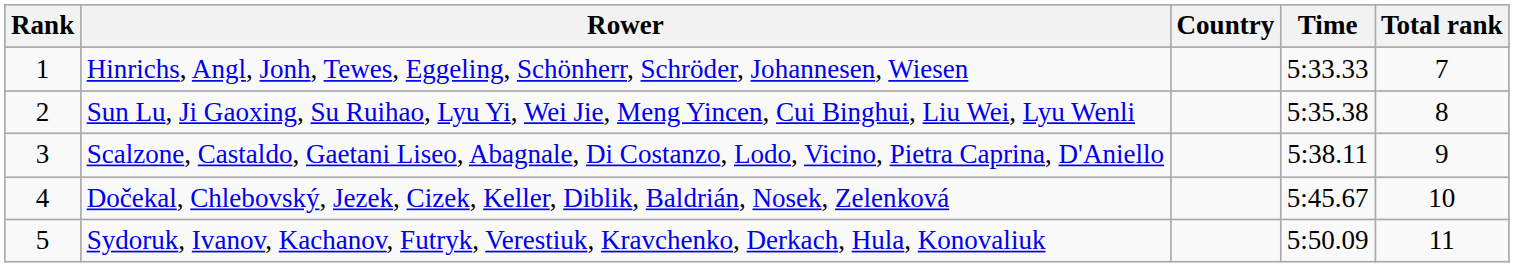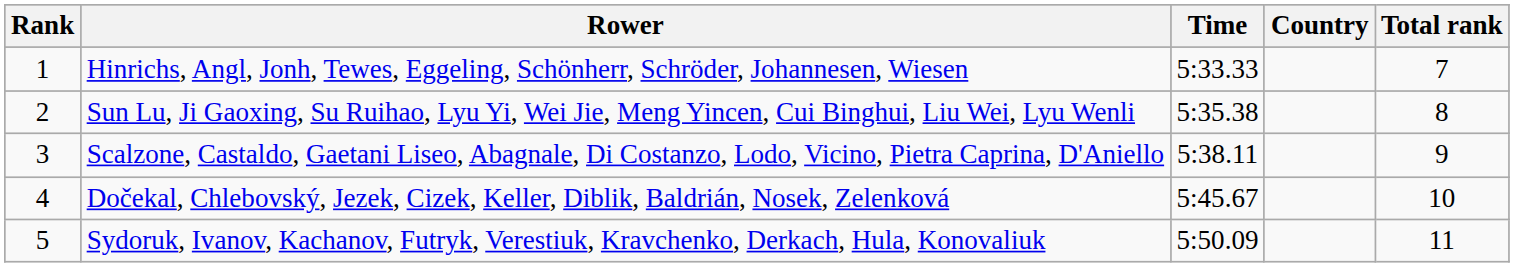 <table class="wikitable" style="text-align:center">
 <tr>
 <th>Rank</th>
 <th>Rower</th>
+<th>Time</th>
 <th>Country</th>
-<th>Time</th>
 <th>Total rank</th>
 </tr>
 <tr>
 <td>1</td>
 <td align="left"><a href='#'>Hinrichs</a>, <a href='#'>Angl</a>, <a href='#'>Jonh</a>, <a href='#'>Tewes</a>, <a href='#'>Eggeling</a>, <a href='#'>Schönherr</a>, <a href='#'>Schröder</a>, <a href='#'>Johannesen</a>, <a href='#'>Wiesen</a></td>
+<td>5:33.33</td>
 <td align="left"></td>
-<td>5:33.33</td>
 <td>7</td>
 </tr>
 <tr>
 <td>2</td>
 <td align="left"><a href='#'>Sun Lu</a>, <a href='#'>Ji Gaoxing</a>, <a href='#'>Su Ruihao</a>, <a href='#'>Lyu Yi</a>, <a href='#'>Wei Jie</a>, <a href='#'>Meng Yincen</a>, <a href='#'>Cui Binghui</a>, <a href='#'>Liu Wei</a>, <a href='#'>Lyu Wenli</a></td>
+<td>5:35.38</td>
 <td align="left"></td>
-<td>5:35.38</td>
 <td>8</td>
 </tr>
 <tr>
 <td>3</td>
 <td align="left"><a href='#'>Scalzone</a>, <a href='#'>Castaldo</a>, <a href='#'>Gaetani Liseo</a>, <a href='#'>Abagnale</a>, <a href='#'>Di Costanzo</a>, <a href='#'>Lodo</a>, <a href='#'>Vicino</a>, <a href='#'>Pietra Caprina</a>, <a href='#'>D'Aniello</a></td>
+<td>5:38.11</td>
 <td align="left"></td>
-<td>5:38.11</td>
 <td>9</td>
 </tr>
 <tr>
 <td>4</td>
 <td align="left"><a href='#'>Dočekal</a>, <a href='#'>Chlebovský</a>, <a href='#'>Jezek</a>, <a href='#'>Cizek</a>, <a href='#'>Keller</a>, <a href='#'>Diblik</a>, <a href='#'>Baldrián</a>, <a href='#'>Nosek</a>, <a href='#'>Zelenková</a></td>
+<td>5:45.67</td>
 <td align="left"></td>
-<td>5:45.67</td>
 <td>10</td>
 </tr>
 <tr>
 <td>5</td>
 <td align="left"><a href='#'>Sydoruk</a>, <a href='#'>Ivanov</a>, <a href='#'>Kachanov</a>, <a href='#'>Futryk</a>, <a href='#'>Verestiuk</a>, <a href='#'>Kravchenko</a>, <a href='#'>Derkach</a>, <a href='#'>Hula</a>, <a href='#'>Konovaliuk</a></td>
+<td>5:50.09</td>
 <td align="left"></td>
-<td>5:50.09</td>
 <td>11</td>
 </tr>
 </table>
